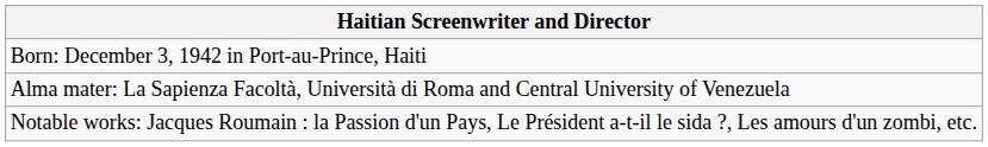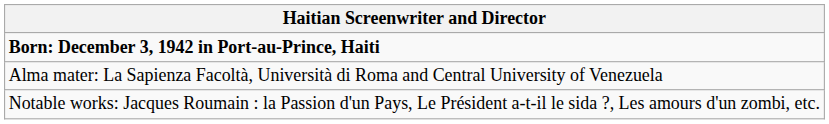 <table class="wikitable">
 <tr>
 <th>Haitian Screenwriter and Director</th>
 </tr>
 <tr>
-<td>Born: December 3, 1942 in Port-au-Prince, Haiti</td>
+<td><strong>Born: December 3, 1942 in Port-au-Prince, Haiti</strong></td>
 </tr>
 <tr>
 <td>Alma mater: La Sapienza Facoltà, Università di Roma and Central University of Venezuela</td>
 </tr>
 <tr>
 <td>Notable works: Jacques Roumain : la Passion d'un Pays, Le Président a-t-il le sida ?, Les amours d'un zombi, etc.</td>
 </tr>
 </table>
